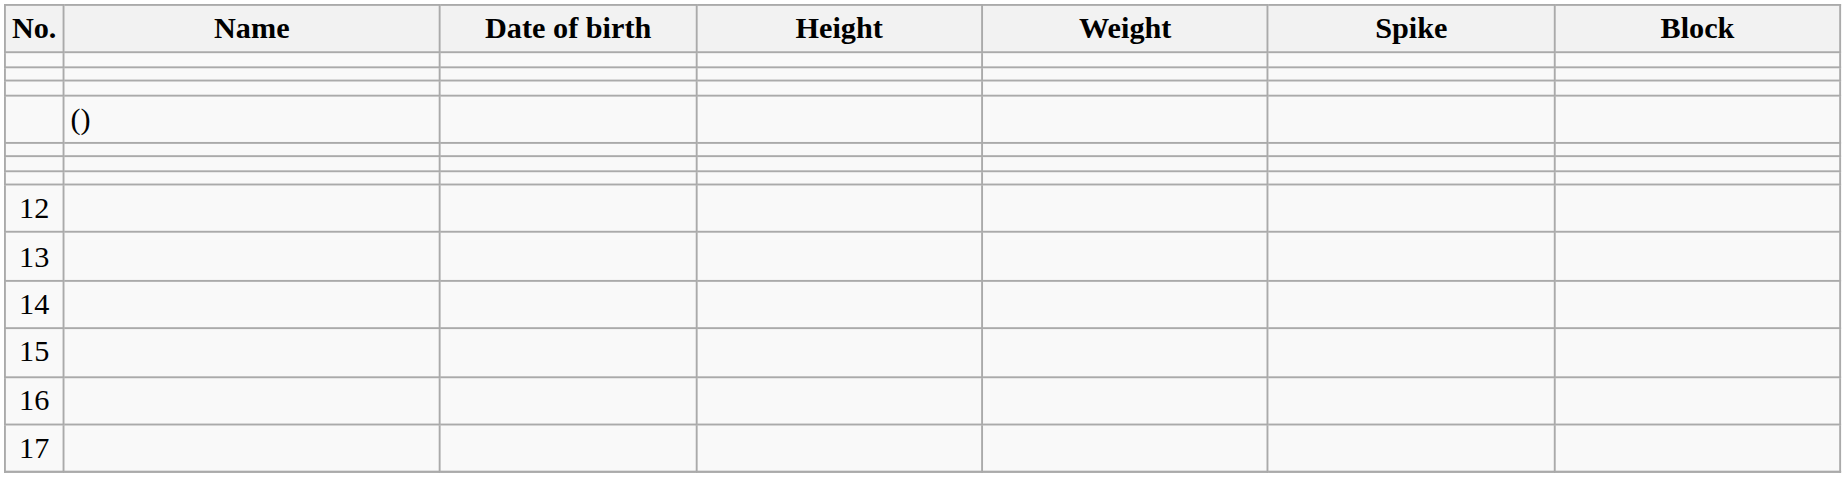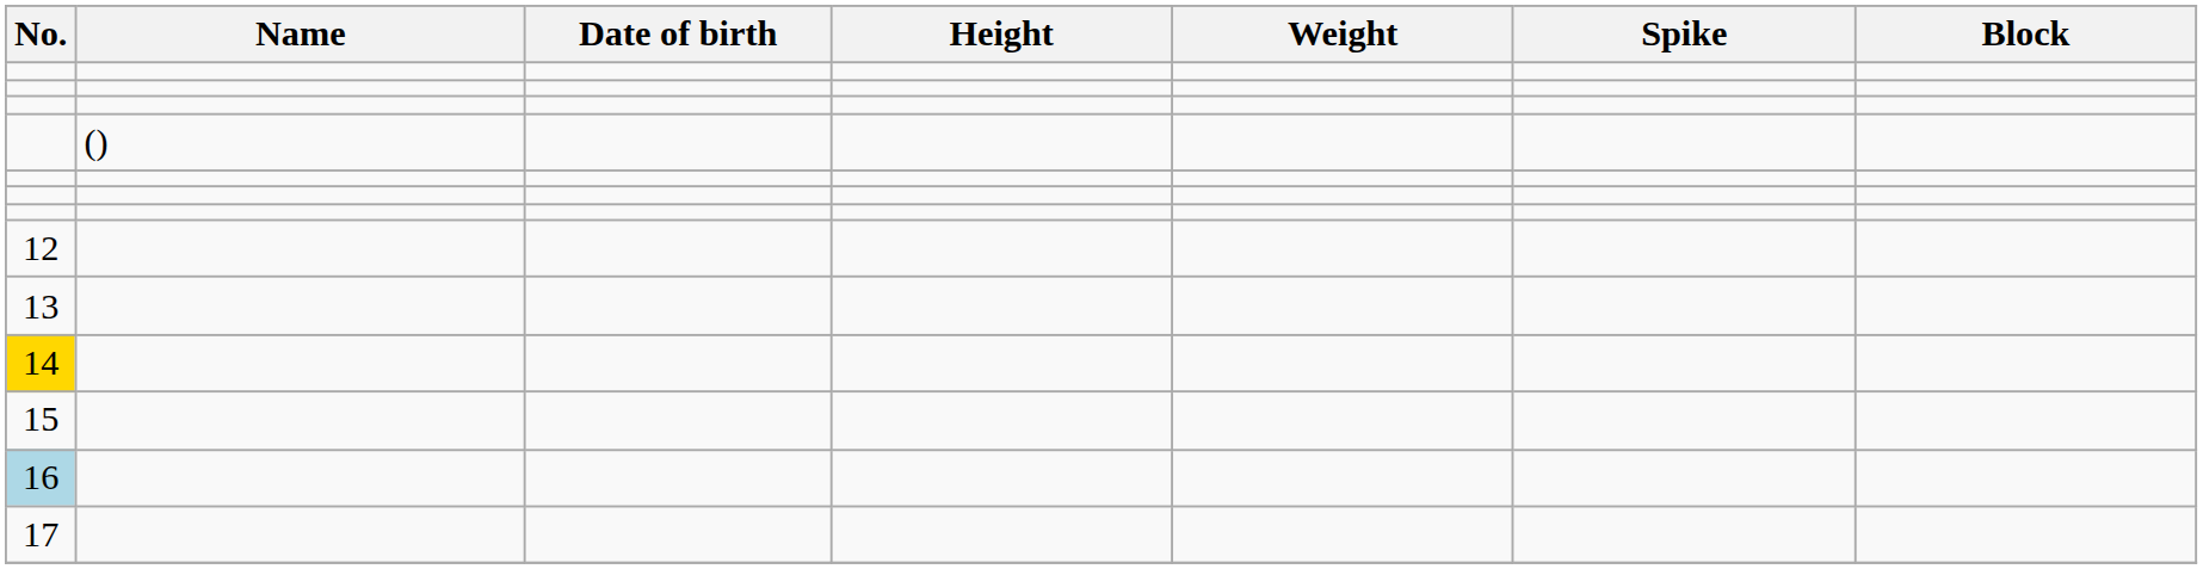 <table class="wikitable sortable" style="font-size:100%; text-align:center;">
 <tr>
 <th>No.</th>
 <th style="width:12em">Name</th>
 <th style="width:8em">Date of birth</th>
 <th style="width:9em">Height</th>
 <th style="width:9em">Weight</th>
 <th style="width:9em">Spike</th>
 <th style="width:9em">Block</th>
 </tr>
 <tr>
 <td></td>
 <td align=left> </td>
 <td align=right></td>
 <td></td>
 <td></td>
 <td></td>
 <td></td>
 </tr>
 <tr>
 <td></td>
 <td align=left> </td>
 <td align=right></td>
 <td></td>
 <td></td>
 <td></td>
 <td></td>
 </tr>
 <tr>
 <td></td>
 <td align=left> </td>
 <td align=right></td>
 <td></td>
 <td></td>
 <td></td>
 <td></td>
 </tr>
 <tr>
 <td></td>
 <td align=left>  ()</td>
 <td align=right></td>
 <td></td>
 <td></td>
 <td></td>
 <td></td>
 </tr>
 <tr>
 <td></td>
 <td align=left> </td>
 <td align=right></td>
 <td></td>
 <td></td>
 <td></td>
 <td></td>
 </tr>
 <tr>
 <td></td>
 <td align=left> </td>
 <td align=right></td>
 <td></td>
 <td></td>
 <td></td>
 <td></td>
 </tr>
 <tr>
 <td></td>
 <td align=left> </td>
 <td align=right></td>
 <td></td>
 <td></td>
 <td></td>
 <td></td>
 </tr>
 <tr>
 <td>12</td>
 <td align=left> </td>
 <td align=right></td>
 <td></td>
 <td></td>
 <td></td>
 <td></td>
 </tr>
 <tr>
 <td>13</td>
 <td align=left> </td>
 <td align=right></td>
 <td></td>
 <td></td>
 <td></td>
 <td></td>
 </tr>
 <tr>
-<td>14</td>
+<td style="background: gold;">14</td>
 <td align=left> </td>
 <td align=right></td>
 <td></td>
 <td></td>
 <td></td>
 <td></td>
 </tr>
 <tr>
 <td>15</td>
 <td align=left> </td>
 <td align=right></td>
 <td></td>
 <td></td>
 <td></td>
 <td></td>
 </tr>
 <tr>
-<td>16</td>
+<td style="background: lightblue;">16</td>
 <td align=left> </td>
 <td align=right></td>
 <td></td>
 <td></td>
 <td></td>
 <td></td>
 </tr>
 <tr>
 <td>17</td>
 <td align=left> </td>
 <td align=right></td>
 <td></td>
 <td></td>
 <td></td>
 <td></td>
 </tr>
 <tr>
 </tr>
 </table>
